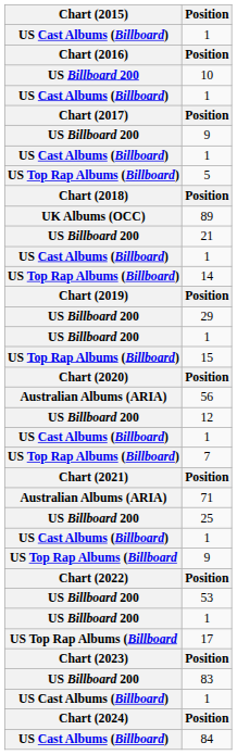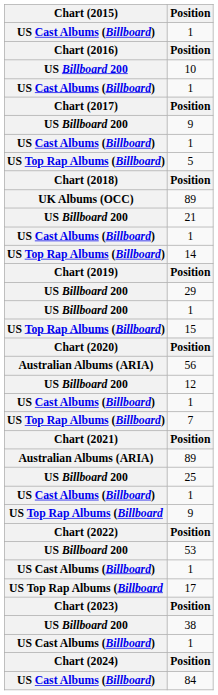 <table class="wikitable sortable plainrowheaders" style="text-align:center">
 <tr>
 <th scope="col">Chart (2015)</th>
 <th scope="col">Position</th>
 </tr>
 <tr>
 <th scope="row">US <a href='#'>Cast Albums</a> (<em><a href='#'>Billboard</a></em>)</th>
 <td>1</td>
 </tr>
 <tr>
 <th scope="col">Chart (2016)</th>
 <th scope="col">Position</th>
 </tr>
 <tr>
 <th scope="row">US <a href='#'><em>Billboard</em> 200</a></th>
 <td>10</td>
 </tr>
 <tr>
 <th scope="row">US <a href='#'>Cast Albums</a> (<em><a href='#'>Billboard</a></em>)</th>
 <td>1</td>
 </tr>
 <tr>
 <th scope="col">Chart (2017)</th>
 <th scope="col">Position</th>
 </tr>
 <tr>
 <th scope="row">US <em>Billboard</em> 200</th>
 <td>9</td>
 </tr>
 <tr>
 <th scope="row">US <a href='#'>Cast Albums</a> (<em><a href='#'>Billboard</a></em>)</th>
 <td>1</td>
 </tr>
 <tr>
 <th scope="row">US <a href='#'>Top Rap Albums</a> (<em><a href='#'>Billboard</a></em>)</th>
 <td>5</td>
 </tr>
 <tr>
 <th scope="col">Chart (2018)</th>
 <th scope="col">Position</th>
 </tr>
 <tr>
 <th scope="row">UK Albums (OCC)</th>
 <td>89</td>
 </tr>
 <tr>
 <th scope="row">US <em>Billboard</em> 200</th>
 <td>21</td>
 </tr>
 <tr>
 <th scope="row">US <a href='#'>Cast Albums</a> (<em><a href='#'>Billboard</a></em>)</th>
 <td>1</td>
 </tr>
 <tr>
 <th scope="row">US <a href='#'>Top Rap Albums</a> (<em><a href='#'>Billboard</a></em>)</th>
 <td>14</td>
 </tr>
 <tr>
 <th scope="col">Chart (2019)</th>
 <th scope="col">Position</th>
 </tr>
 <tr>
 <th scope="row">US <em>Billboard</em> 200</th>
 <td>29</td>
 </tr>
 <tr>
 <th scope="row">US <em>Billboard</em> 200</th>
 <td>1</td>
 </tr>
 <tr>
 <th scope="row">US <a href='#'>Top Rap Albums</a> (<em><a href='#'>Billboard</a></em>)</th>
 <td>15</td>
 </tr>
 <tr>
 <th scope="col">Chart (2020)</th>
 <th scope="col">Position</th>
 </tr>
 <tr>
 <th scope="row">Australian Albums (ARIA)</th>
 <td>56</td>
 </tr>
 <tr>
 <th scope="row">US <em>Billboard</em> 200</th>
 <td>12</td>
 </tr>
 <tr>
 <th scope="row">US <a href='#'>Cast Albums</a> (<em><a href='#'>Billboard</a></em>)</th>
 <td>1</td>
 </tr>
 <tr>
 <th scope="row">US <a href='#'>Top Rap Albums</a> (<em><a href='#'>Billboard</a></em>)</th>
 <td>7</td>
 </tr>
 <tr>
 <th scope="col">Chart (2021)</th>
 <th scope="col">Position</th>
 </tr>
 <tr>
 <th scope="row">Australian Albums (ARIA)</th>
-<td>71</td>
+<td>89</td>
 </tr>
 <tr>
 <th scope="row">US <em>Billboard</em> 200</th>
 <td>25</td>
 </tr>
 <tr>
 <th scope="row">US <a href='#'>Cast Albums</a> (<em><a href='#'>Billboard</a></em>)</th>
 <td>1</td>
 </tr>
 <tr>
 <th scope="row">US <a href='#'>Top Rap Albums</a> (<em><a href='#'>Billboard</a></em></th>
 <td>9</td>
 </tr>
 <tr>
 <th scope="col">Chart (2022)</th>
 <th scope="col">Position</th>
 </tr>
 <tr>
 <th scope="row">US <em>Billboard</em> 200</th>
 <td>53</td>
 </tr>
 <tr>
-<th scope="row">US <em>Billboard</em> 200</th>
+<th scope="row">US Cast Albums (<em><a href='#'>Billboard</a></em>)</th>
 <td>1</td>
 </tr>
 <tr>
 <th scope="row">US Top Rap Albums (<em><a href='#'>Billboard</a></em></th>
 <td>17</td>
 </tr>
 <tr>
 <th scope="col">Chart (2023)</th>
 <th scope="col">Position</th>
 </tr>
 <tr>
 <th scope="row">US <em>Billboard</em> 200</th>
-<td>83</td>
+<td>38</td>
 </tr>
 <tr>
 <th scope="row">US Cast Albums (<em><a href='#'>Billboard</a></em>)</th>
 <td>1</td>
 </tr>
 <tr>
 <th scope="col">Chart (2024)</th>
 <th scope="col">Position</th>
 </tr>
 <tr>
 <th scope="row">US <a href='#'>Cast Albums</a> (<em><a href='#'>Billboard</a></em>)</th>
 <td>84</td>
 </tr>
 </table>
